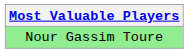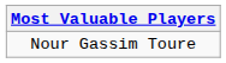 <table class=wikitable style="text-align:center; margin:auto">
 <tr>
 <th><a href='#'>Most Valuable Players</a></th>
 </tr>
 <tr>
-<td style="background: lightgreen;">  Nour Gassim   Toure</td>
+<td>  Nour Gassim   Toure</td>
 </tr>
 </table>
